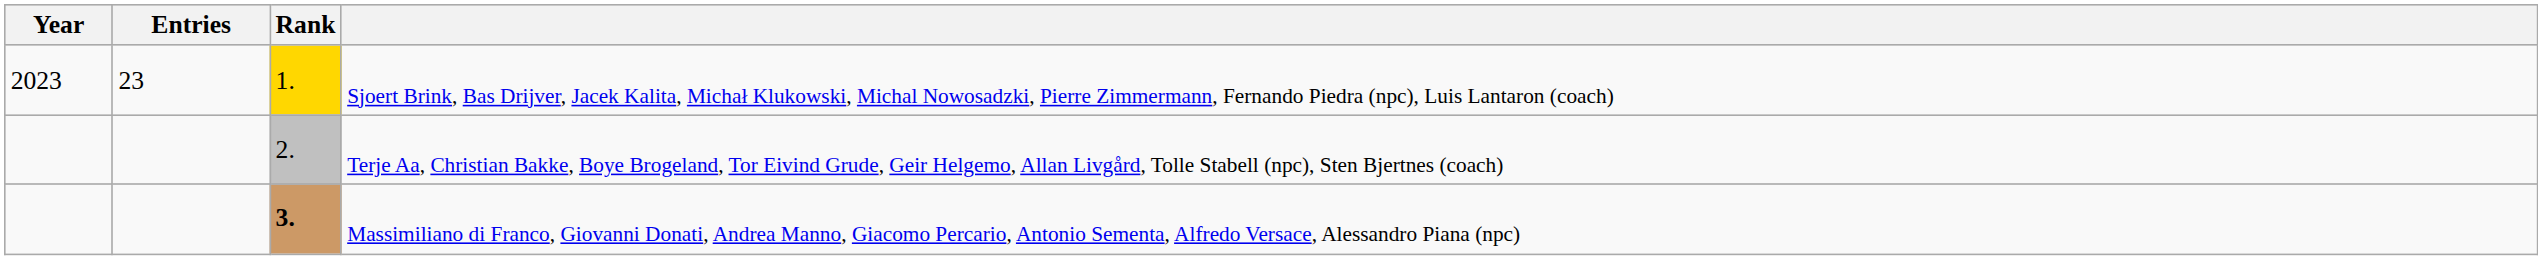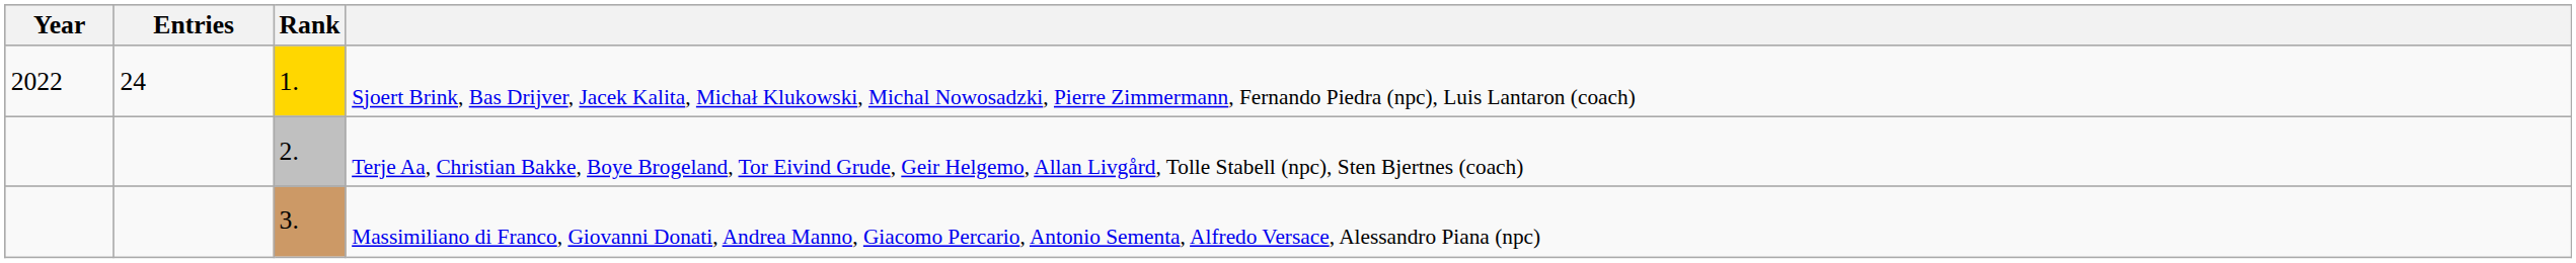 <table class="wikitable" style="width:100%;">
 <tr>
 <th>Year</th>
 <th>Entries</th>
 <th>Rank</th>
 <th></th>
 </tr>
 <tr>
-<td width=60>2023  </td>
-<td>23</td>
+<td width=60>2022  </td>
+<td>24</td>
 <td style="background:gold; width:30px;">1.</td>
 <td> <br><small><a href='#'>Sjoert Brink</a>, <a href='#'>Bas Drijver</a>, <a href='#'>Jacek Kalita</a>, <a href='#'>Michał Klukowski</a>, <a href='#'>Michal Nowosadzki</a>, <a href='#'>Pierre Zimmermann</a>, Fernando Piedra (npc), Luis Lantaron (coach)</small></td>
 </tr>
 <tr>
 <td></td>
 <td></td>
 <td style="background:silver;">2.</td>
 <td> <br><small><a href='#'>Terje Aa</a>, <a href='#'>Christian Bakke</a>, <a href='#'>Boye Brogeland</a>, <a href='#'>Tor Eivind Grude</a>, <a href='#'>Geir Helgemo</a>, <a href='#'>Allan Livgård</a>, Tolle Stabell (npc), Sten Bjertnes (coach)</small></td>
 </tr>
 <tr>
 <td></td>
 <td></td>
-<td style="background:#c96;"><strong>3.</strong></td>
+<td style="background:#c96;">3.</td>
 <td> <br><small><a href='#'>Massimiliano di Franco</a>, <a href='#'>Giovanni Donati</a>, <a href='#'>Andrea Manno</a>, <a href='#'>Giacomo Percario</a>, <a href='#'>Antonio Sementa</a>, <a href='#'>Alfredo Versace</a>, Alessandro Piana (npc)</small></td>
 </tr>
 </table>
